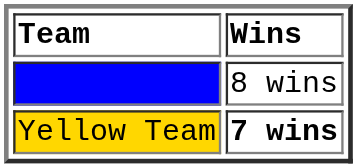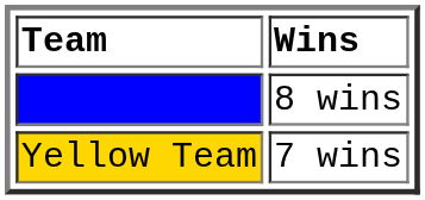 <table border="2">
 <tr>
 <td><strong>Team</strong></td>
 <td><strong>Wins</strong></td>
 </tr>
 <tr>
 <td bgcolor="blue"></td>
 <td>8 wins</td>
 </tr>
 <tr>
 <td bgcolor="gold">Yellow Team</td>
-<td><strong>7 wins</strong></td>
+<td>7 wins</td>
 </tr>
 </table>
